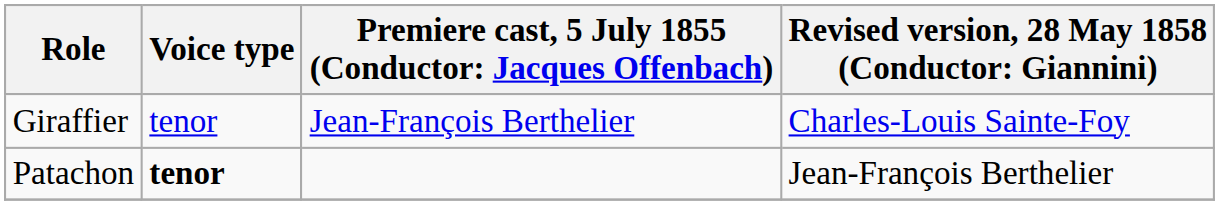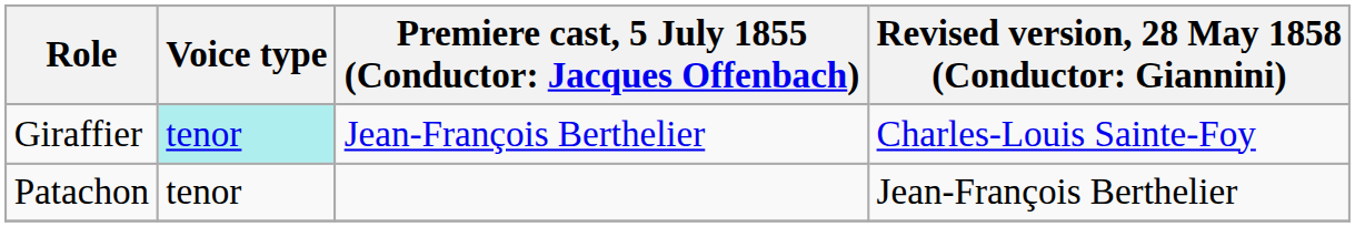 <table class="wikitable">
 <tr>
 <th>Role</th>
 <th>Voice type</th>
 <th>Premiere cast, 5 July 1855<br>(Conductor: <a href='#'>Jacques&nbsp;Offenbach</a>)</th>
 <th>Revised version, 28 May 1858<br>(Conductor: Giannini)</th>
 </tr>
 <tr>
 <td>Giraffier</td>
-<td><a href='#'>tenor</a></td>
+<td style="background: paleturquoise;"><a href='#'>tenor</a></td>
 <td><a href='#'>Jean-François Berthelier</a></td>
 <td><a href='#'>Charles-Louis Sainte-Foy</a></td>
 </tr>
 <tr>
 <td>Patachon</td>
-<td><strong>tenor</strong></td>
+<td>tenor</td>
 <td></td>
 <td>Jean-François Berthelier</td>
 </tr>
 <tr>
 </tr>
 </table>
